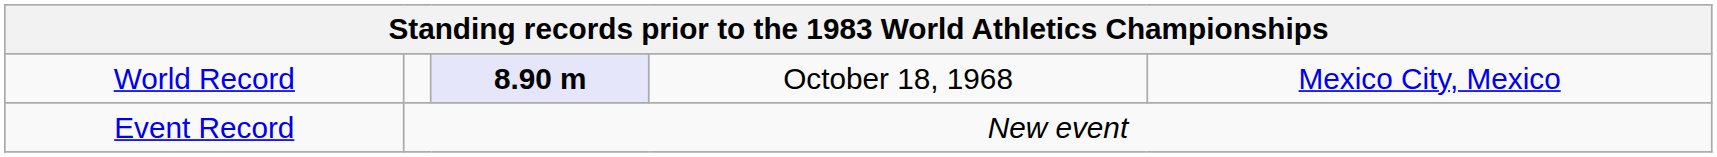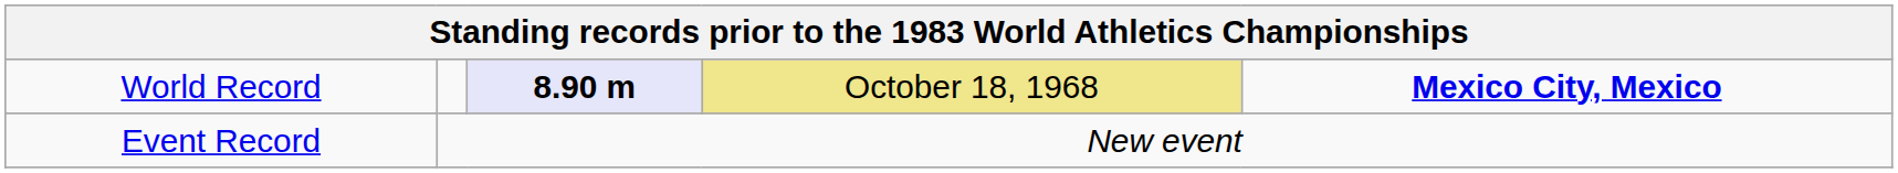 <table class="wikitable" style=" text-align:center; font-size:110%;" width="80%">
 <tr>
 <th colspan="5">Standing records prior to the 1983 World Athletics Championships</th>
 </tr>
 <tr>
 <td><a href='#'>World Record</a></td>
 <td></td>
 <td style="background: lavender;"><strong>8.90 m </strong></td>
-<td>October 18, 1968</td>
-<td> <a href='#'>Mexico City, Mexico</a></td>
+<td style="background: khaki;">October 18, 1968</td>
+<td><strong> <a href='#'>Mexico City, Mexico</a></strong></td>
 </tr>
 <tr>
 <td><a href='#'>Event Record</a></td>
 <td colspan="4"><em>New event</em></td>
 </tr>
 </table>
